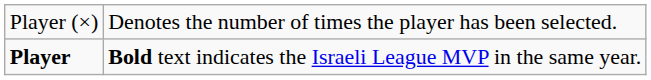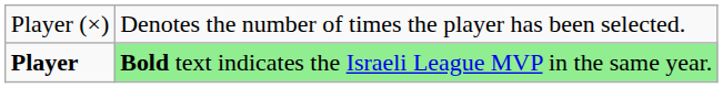 <table class="wikitable">
 <tr>
 <td>Player (×)</td>
 <td>Denotes the number of times the player has been selected.</td>
 </tr>
 <tr>
 <td><strong>Player</strong></td>
-<td><strong>Bold</strong> text indicates the <a href='#'>Israeli League MVP</a> in the same year.</td>
+<td style="background: lightgreen;"><strong>Bold</strong> text indicates the <a href='#'>Israeli League MVP</a> in the same year.</td>
 </tr>
 </table>
